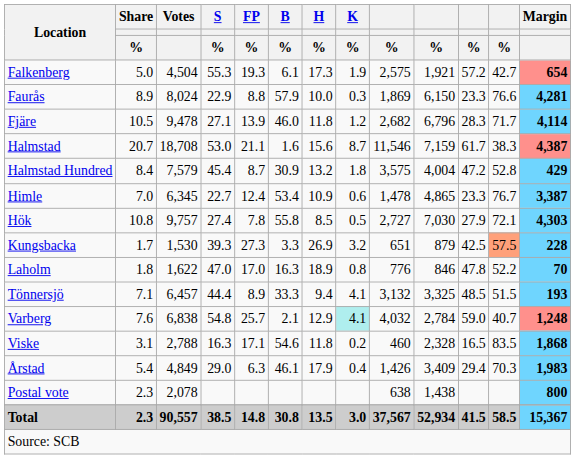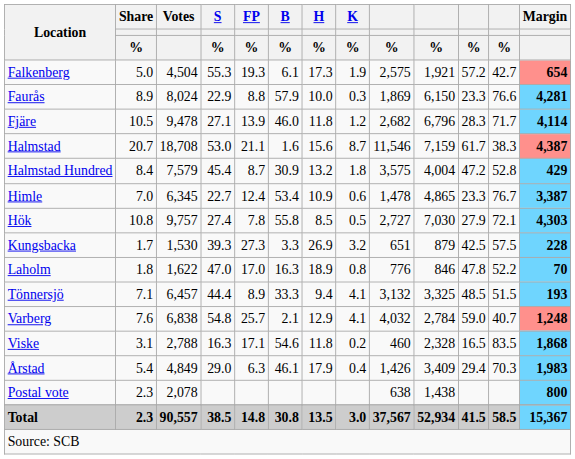 <table class="wikitable sortable" style="text-align:right; font-size:95%; line-height:20px;">
 <tr>
 <th rowspan="3">Location</th>
 <th>Share</th>
 <th>Votes</th>
 <th width="30px" class="unsortable"><a href='#'>S</a></th>
 <th width="30px" class="unsortable"><a href='#'>FP</a></th>
 <th width="30px" class="unsortable"><a href='#'>B</a></th>
 <th width="30px" class="unsortable"><a href='#'>H</a></th>
 <th width="30px" class="unsortable"><a href='#'>K</a></th>
 <th></th>
 <th></th>
 <th></th>
 <th></th>
 <th>Margin</th>
 </tr>
 <tr>
 <th></th>
 <th></th>
 <th style="background:"></th>
 <th style="background:"></th>
 <th style="background:"></th>
 <th style="background:"></th>
 <th style="background:"></th>
 <th style="background:"></th>
 <th style="background:"></th>
 <th style="background:"></th>
 <th style="background:"></th>
 <th></th>
 </tr>
 <tr>
 <th data-sort-type="number">%</th>
 <th></th>
 <th data-sort-type="number">%</th>
 <th data-sort-type="number">%</th>
 <th data-sort-type="number">%</th>
 <th data-sort-type="number">%</th>
 <th data-sort-type="number">%</th>
 <th data-sort-type="number">%</th>
 <th data-sort-type="number">%</th>
 <th data-sort-type="number">%</th>
 <th data-sort-type="number">%</th>
 <th data-sort-type="number"></th>
 </tr>
 <tr>
 <td align=left><a href='#'>Falkenberg</a></td>
 <td>5.0</td>
 <td>4,504</td>
 <td>55.3</td>
 <td>19.3</td>
 <td>6.1</td>
 <td>17.3</td>
 <td>1.9</td>
 <td>2,575</td>
 <td>1,921</td>
 <td>57.2</td>
 <td>42.7</td>
 <td bgcolor=#ff908c><strong>654</strong></td>
 </tr>
 <tr>
 <td align=left><a href='#'>Faurås</a></td>
 <td>8.9</td>
 <td>8,024</td>
 <td>22.9</td>
 <td>8.8</td>
 <td>57.9</td>
 <td>10.0</td>
 <td>0.3</td>
 <td>1,869</td>
 <td>6,150</td>
 <td>23.3</td>
 <td>76.6</td>
 <td bgcolor=#6fd5fe><strong>4,281</strong></td>
 </tr>
 <tr>
 <td align=left><a href='#'>Fjäre</a></td>
 <td>10.5</td>
 <td>9,478</td>
 <td>27.1</td>
 <td>13.9</td>
 <td>46.0</td>
 <td>11.8</td>
 <td>1.2</td>
 <td>2,682</td>
 <td>6,796</td>
 <td>28.3</td>
 <td>71.7</td>
 <td bgcolor=#6fd5fe><strong>4,114</strong></td>
 </tr>
 <tr>
 <td align=left><a href='#'>Halmstad</a></td>
 <td>20.7</td>
 <td>18,708</td>
 <td>53.0</td>
 <td>21.1</td>
 <td>1.6</td>
 <td>15.6</td>
 <td>8.7</td>
 <td>11,546</td>
 <td>7,159</td>
 <td>61.7</td>
 <td>38.3</td>
 <td bgcolor=#ff908c><strong>4,387</strong></td>
 </tr>
 <tr>
 <td align=left><a href='#'>Halmstad Hundred</a></td>
 <td>8.4</td>
 <td>7,579</td>
 <td>45.4</td>
 <td>8.7</td>
 <td>30.9</td>
 <td>13.2</td>
 <td>1.8</td>
 <td>3,575</td>
 <td>4,004</td>
 <td>47.2</td>
 <td>52.8</td>
 <td bgcolor=#6fd5fe><strong>429</strong></td>
 </tr>
 <tr>
 <td align=left><a href='#'>Himle</a></td>
 <td>7.0</td>
 <td>6,345</td>
 <td>22.7</td>
 <td>12.4</td>
 <td>53.4</td>
 <td>10.9</td>
 <td>0.6</td>
 <td>1,478</td>
 <td>4,865</td>
 <td>23.3</td>
 <td>76.7</td>
 <td bgcolor=#6fd5fe><strong>3,387</strong></td>
 </tr>
 <tr>
 <td align=left><a href='#'>Hök</a></td>
 <td>10.8</td>
 <td>9,757</td>
 <td>27.4</td>
 <td>7.8</td>
 <td>55.8</td>
 <td>8.5</td>
 <td>0.5</td>
 <td>2,727</td>
 <td>7,030</td>
 <td>27.9</td>
 <td>72.1</td>
 <td bgcolor=#6fd5fe><strong>4,303</strong></td>
 </tr>
 <tr>
 <td align=left><a href='#'>Kungsbacka</a></td>
 <td>1.7</td>
 <td>1,530</td>
 <td>39.3</td>
 <td>27.3</td>
 <td>3.3</td>
 <td>26.9</td>
 <td>3.2</td>
 <td>651</td>
 <td>879</td>
 <td>42.5</td>
-<td style="background: lightsalmon;">57.5</td>
+<td>57.5</td>
 <td bgcolor=#6fd5fe><strong>228</strong></td>
 </tr>
 <tr>
 <td align=left><a href='#'>Laholm</a></td>
 <td>1.8</td>
 <td>1,622</td>
 <td>47.0</td>
 <td>17.0</td>
 <td>16.3</td>
 <td>18.9</td>
 <td>0.8</td>
 <td>776</td>
 <td>846</td>
 <td>47.8</td>
 <td>52.2</td>
 <td bgcolor=#6fd5fe><strong>70</strong></td>
 </tr>
 <tr>
 <td align=left><a href='#'>Tönnersjö</a></td>
 <td>7.1</td>
 <td>6,457</td>
 <td>44.4</td>
 <td>8.9</td>
 <td>33.3</td>
 <td>9.4</td>
 <td>4.1</td>
 <td>3,132</td>
 <td>3,325</td>
 <td>48.5</td>
 <td>51.5</td>
 <td bgcolor=#6fd5fe><strong>193</strong></td>
 </tr>
 <tr>
 <td align=left><a href='#'>Varberg</a></td>
 <td>7.6</td>
 <td>6,838</td>
 <td>54.8</td>
 <td>25.7</td>
 <td>2.1</td>
 <td>12.9</td>
-<td style="background: paleturquoise;">4.1</td>
+<td>4.1</td>
 <td>4,032</td>
 <td>2,784</td>
 <td>59.0</td>
 <td>40.7</td>
 <td bgcolor=#ff908c><strong>1,248</strong></td>
 </tr>
 <tr>
 <td align=left><a href='#'>Viske</a></td>
 <td>3.1</td>
 <td>2,788</td>
 <td>16.3</td>
 <td>17.1</td>
 <td>54.6</td>
 <td>11.8</td>
 <td>0.2</td>
 <td>460</td>
 <td>2,328</td>
 <td>16.5</td>
 <td>83.5</td>
 <td bgcolor=#6fd5fe><strong>1,868</strong></td>
 </tr>
 <tr>
 <td align=left><a href='#'>Årstad</a></td>
 <td>5.4</td>
 <td>4,849</td>
 <td>29.0</td>
 <td>6.3</td>
 <td>46.1</td>
 <td>17.9</td>
 <td>0.4</td>
 <td>1,426</td>
 <td>3,409</td>
 <td>29.4</td>
 <td>70.3</td>
 <td bgcolor=#6fd5fe><strong>1,983</strong></td>
 </tr>
 <tr>
 <td align=left><a href='#'>Postal vote</a></td>
 <td>2.3</td>
 <td>2,078</td>
 <td></td>
 <td></td>
 <td></td>
 <td></td>
 <td></td>
 <td>638</td>
 <td>1,438</td>
 <td></td>
 <td></td>
 <td bgcolor=#6fd5fe><strong>800</strong></td>
 </tr>
 <tr>
 </tr>
 <tr style="background:#CDCDCD;">
 <td align=left><strong>Total</strong></td>
 <td><strong>2.3</strong></td>
 <td><strong>90,557</strong></td>
 <td><strong>38.5</strong></td>
 <td><strong>14.8</strong></td>
 <td><strong>30.8</strong></td>
 <td><strong>13.5</strong></td>
 <td><strong>3.0</strong></td>
 <td><strong>37,567</strong></td>
 <td><strong>52,934</strong></td>
 <td><strong>41.5</strong></td>
 <td><strong>58.5</strong></td>
 <td bgcolor=#6fd5fe><strong>15,367</strong></td>
 </tr>
 <tr>
 <td align=left colspan=13>Source: SCB </td>
 </tr>
 </table>
